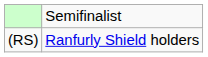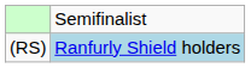 <table class="wikitable">
 <tr>
 <td width=10px bgcolor="#ccffcc"></td>
 <td>Semifinalist</td>
 </tr>
 <tr>
 <td width=10px>(RS)</td>
-<td><a href='#'>Ranfurly Shield</a> holders</td>
+<td style="background: lightblue;"><a href='#'>Ranfurly Shield</a> holders</td>
 </tr>
 </table>
